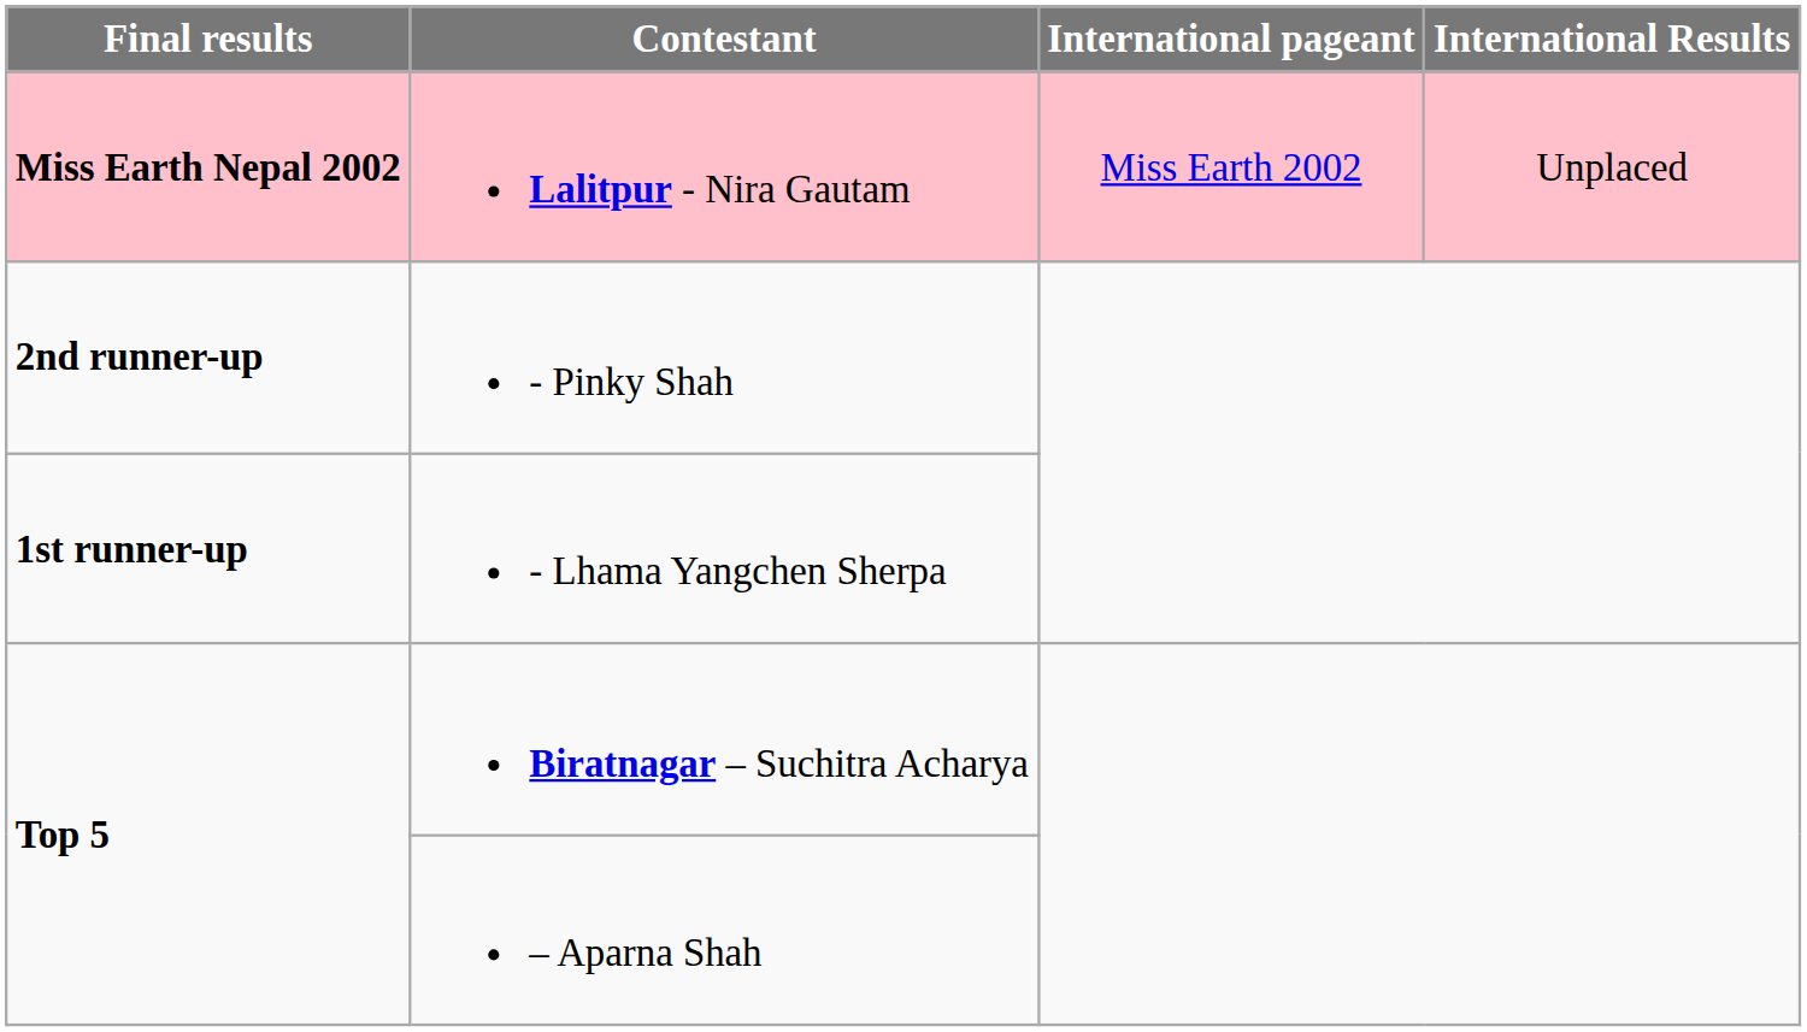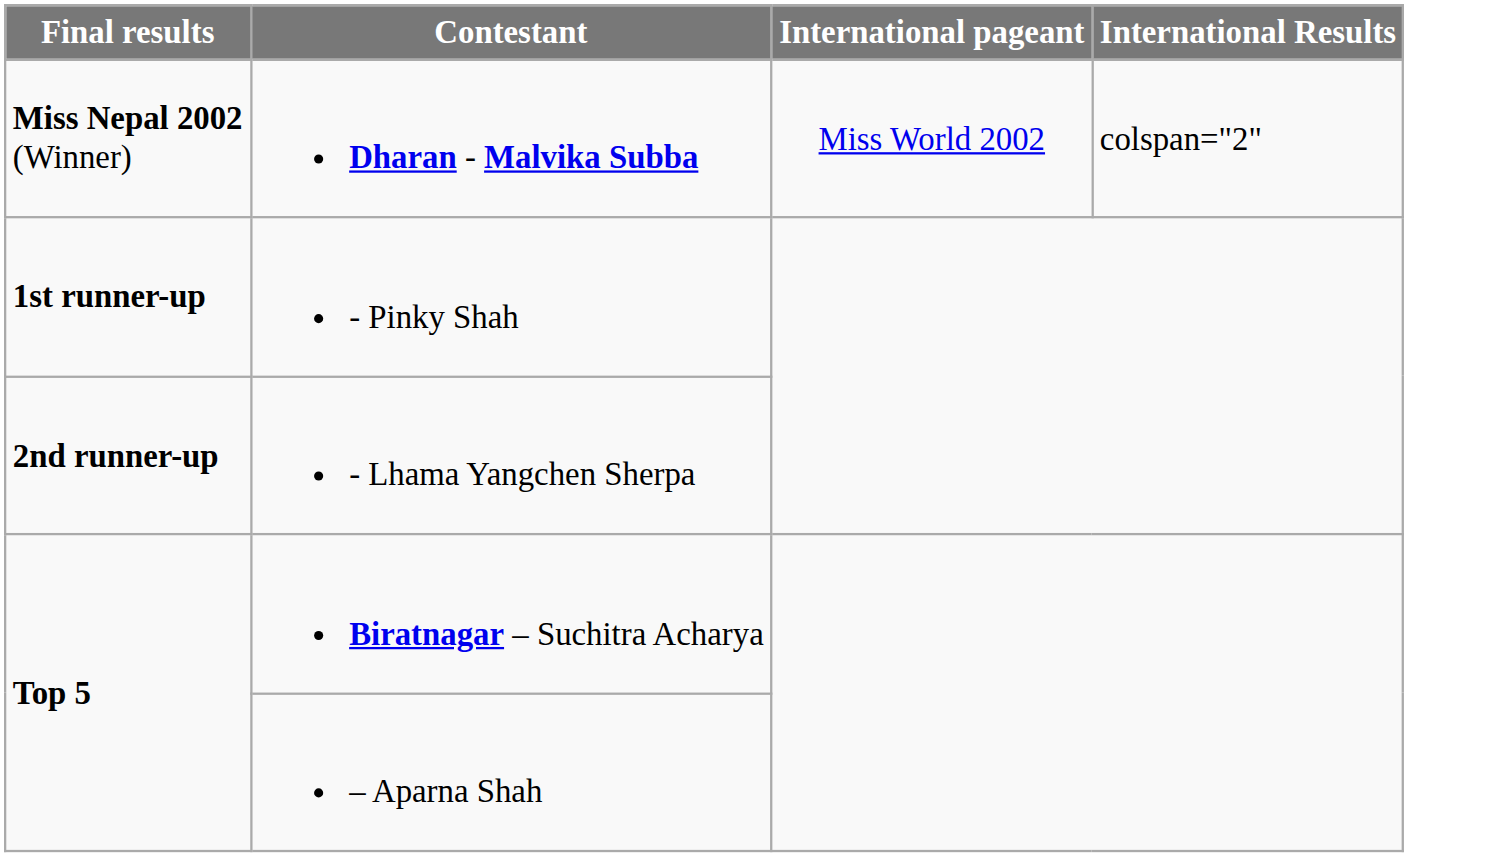 <table class="wikitable sortable" style="font-size: 90%">
 <tr>
 <th style="background-color:#787878;color:#FFFFFF;">Final results</th>
 <th style="background-color:#787878;color:#FFFFFF;">Contestant</th>
 <th style="background-color:#787878;color:#FFFFFF;">International pageant</th>
 <th style="background-color:#787878;color:#FFFFFF;">International Results</th>
 </tr>
 <tr>
-<td style="background:pink;"><strong>Miss Earth Nepal 2002</strong></td>
-<td style="background:pink;"><br><ul><li><strong> <a href='#'>Lalitpur</a></strong> - Nira Gautam</li></ul></td>
-<td style="background:pink; text-align:center;"><a href='#'>Miss Earth 2002</a></td>
-<td style="background:pink; text-align:center;">Unplaced</td>
+<td><strong>Miss Nepal 2002</strong><br>(Winner)</td>
+<td><br><ul><li><strong> <a href='#'>Dharan</a></strong> - <strong><a href='#'>Malvika Subba</a></strong></li></ul></td>
+<td style="text-align:center;"><a href='#'>Miss World 2002</a></td>
+<td>colspan="2" </td>
+</tr>
+<tr>
+<td><strong>1st runner-up</strong></td>
+<td><br><ul><li><strong></strong> - Pinky Shah</li></ul></td>
 </tr>
 <tr>
 <td><strong>2nd runner-up</strong></td>
-<td><br><ul><li><strong></strong> - Pinky Shah</li></ul></td>
-</tr>
-<tr>
-<td><strong>1st runner-up</strong></td>
 <td><br><ul><li><strong></strong> - Lhama Yangchen Sherpa</li></ul></td>
 </tr>
 <tr>
 <td rowspan="2"><strong>Top 5</strong></td>
 <td><br><ul><li><strong> <a href='#'>Biratnagar</a></strong> – Suchitra Acharya</li></ul></td>
 <td colspan="2" rowspan="2"></td>
 </tr>
 <tr>
 <td><br><ul><li><strong></strong> – Aparna Shah</li></ul></td>
 </tr>
 </table>
